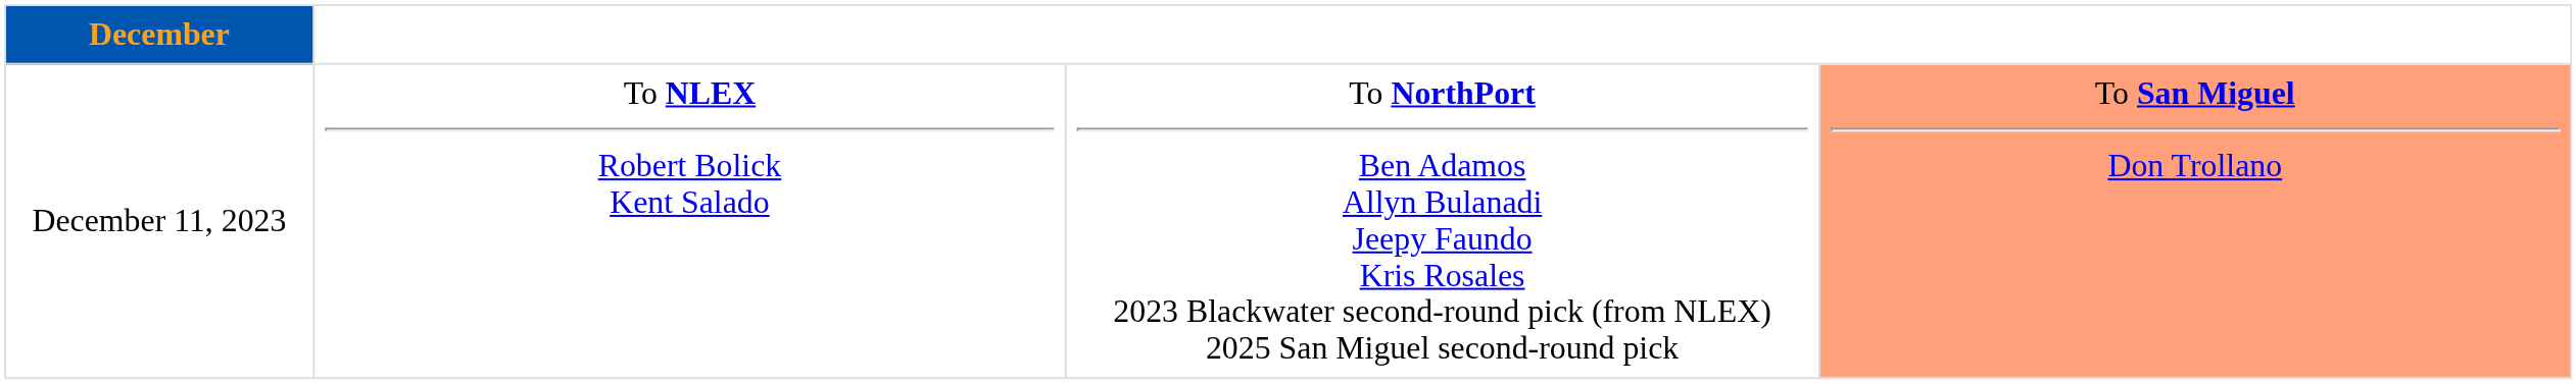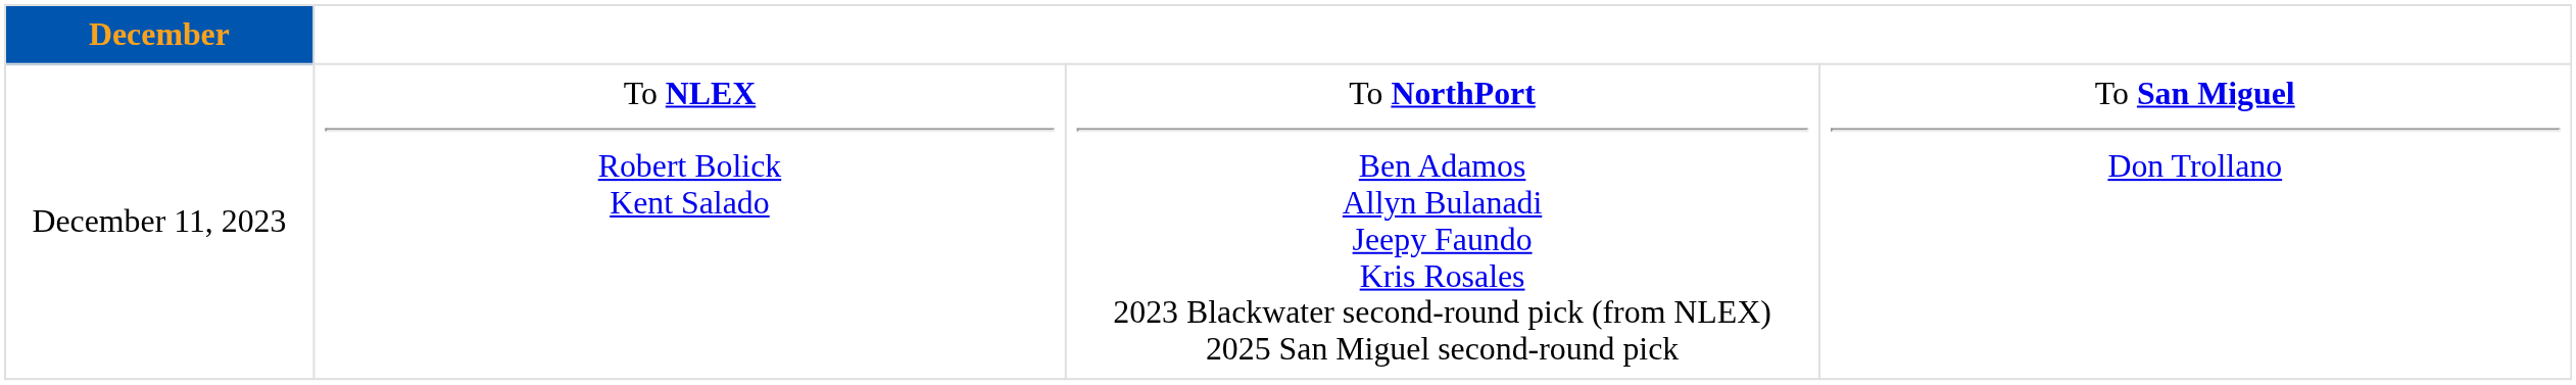 <table border=1 style="border-collapse:collapse; text-align: center; width: 100%" bordercolor="#DFDFDF"  cellpadding="5">
 <tr bgcolor="eeeeee">
 <th style="background:#0055AF; color:#F9A21D; ">December</th>
 </tr>
 <tr>
 <td style="width:12%" rowspan=2>December 11, 2023</td>
 </tr>
 <tr>
 <td style="width:29.3%" valign="top">To <strong><a href='#'>NLEX</a></strong><hr><a href='#'>Robert Bolick</a><br><a href='#'>Kent Salado</a></td>
 <td style="width:29.3%" valign="top">To <strong><a href='#'>NorthPort</a></strong><hr><a href='#'>Ben Adamos</a><br><a href='#'>Allyn Bulanadi</a><br><a href='#'>Jeepy Faundo</a><br><a href='#'>Kris Rosales</a><br>2023 Blackwater second-round pick (from NLEX)<br>2025 San Miguel second-round pick</td>
-<td style="background: lightsalmon; width:29.3%" valign="top">To <strong><a href='#'>San Miguel</a></strong><hr><a href='#'>Don Trollano</a></td>
+<td style="width:29.3%" valign="top">To <strong><a href='#'>San Miguel</a></strong><hr><a href='#'>Don Trollano</a></td>
 </tr>
 </table>
